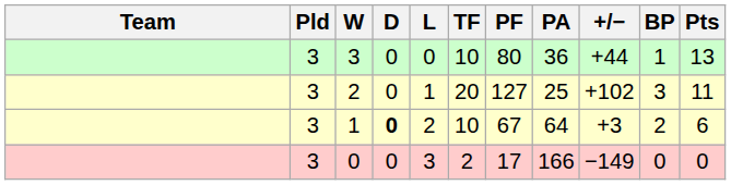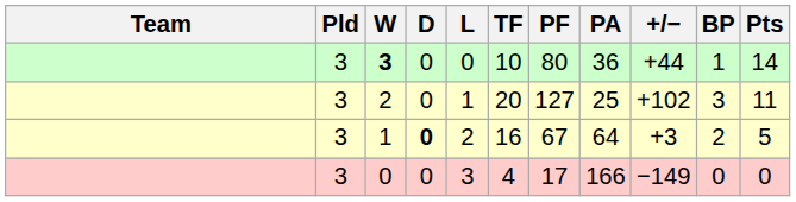 <table class="wikitable" style="text-align:center">
 <tr>
 <th width="200">Team</th>
 <th width="20">Pld</th>
 <th width="20">W</th>
 <th width="20">D</th>
 <th width="20">L</th>
 <th width="20">TF</th>
 <th width="20">PF</th>
 <th width="20">PA</th>
 <th width="25">+/−</th>
 <th width="20">BP</th>
 <th width="20">Pts</th>
 </tr>
 <tr style="background:#cfc;">
 <td align="left"></td>
 <td>3</td>
-<td>3</td>
+<td><strong>3</strong></td>
 <td>0</td>
 <td>0</td>
 <td>10</td>
 <td>80</td>
 <td>36</td>
 <td>+44</td>
 <td>1</td>
-<td>13</td>
+<td>14</td>
 </tr>
 <tr style="background:#ffc;">
 <td align="left"></td>
 <td>3</td>
 <td>2</td>
 <td>0</td>
 <td>1</td>
 <td>20</td>
 <td>127</td>
 <td>25</td>
 <td>+102</td>
 <td>3</td>
 <td>11</td>
 </tr>
 <tr style="background:#ffc;">
 <td align="left"></td>
 <td>3</td>
 <td>1</td>
 <td><strong>0</strong></td>
 <td>2</td>
-<td>10</td>
+<td>16</td>
 <td>67</td>
 <td>64</td>
 <td>+3</td>
 <td>2</td>
-<td>6</td>
+<td>5</td>
 </tr>
 <tr style="background:#fcc;">
 <td align="left"></td>
 <td>3</td>
 <td>0</td>
 <td>0</td>
 <td>3</td>
-<td>2</td>
+<td>4</td>
 <td>17</td>
 <td>166</td>
 <td>−149</td>
 <td>0</td>
 <td>0</td>
 </tr>
 </table>
